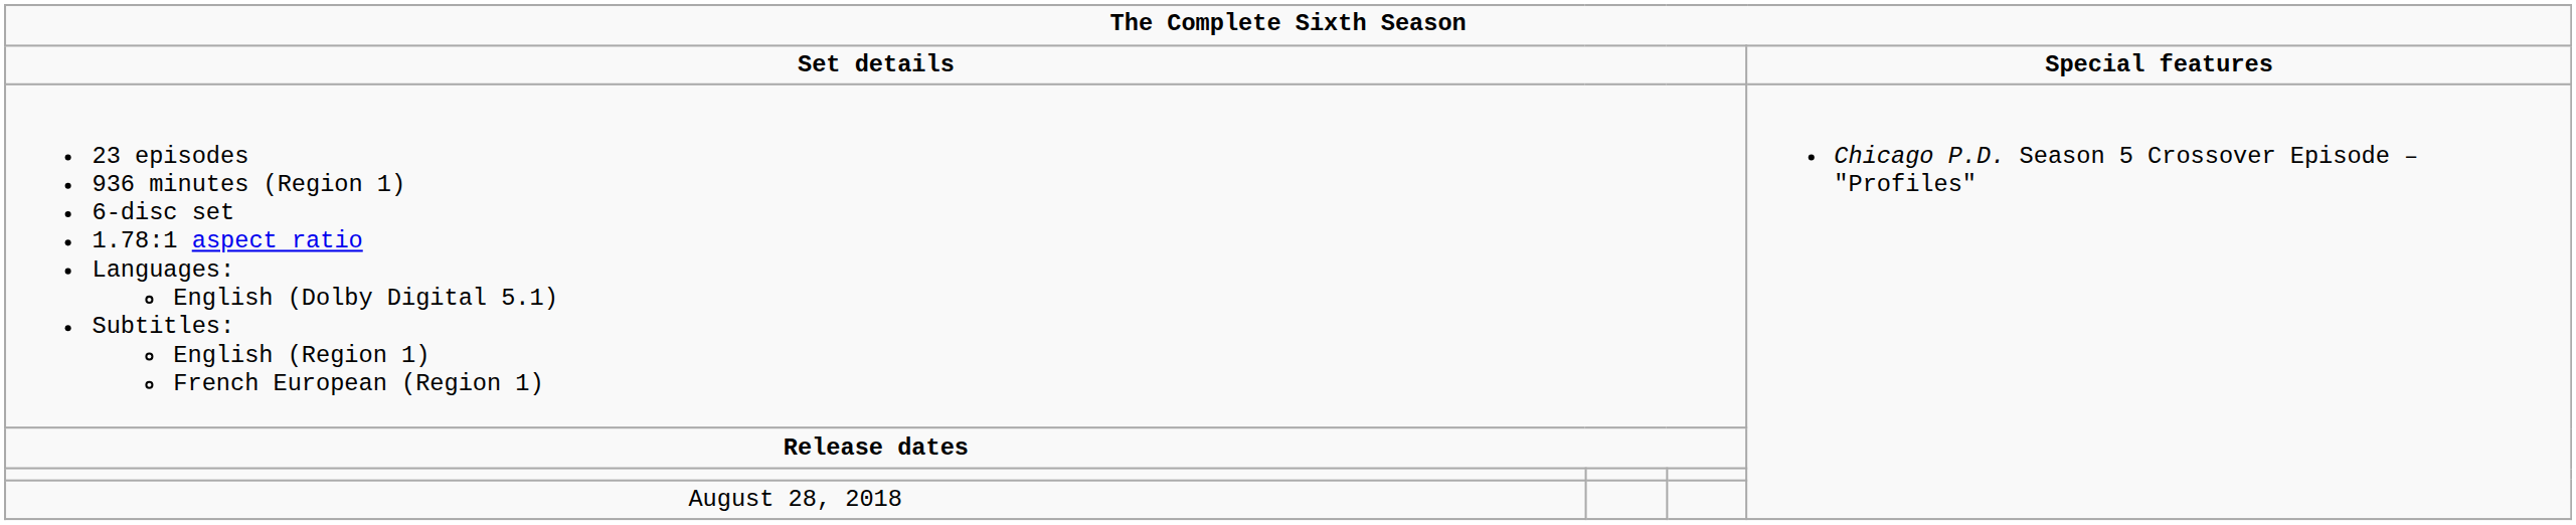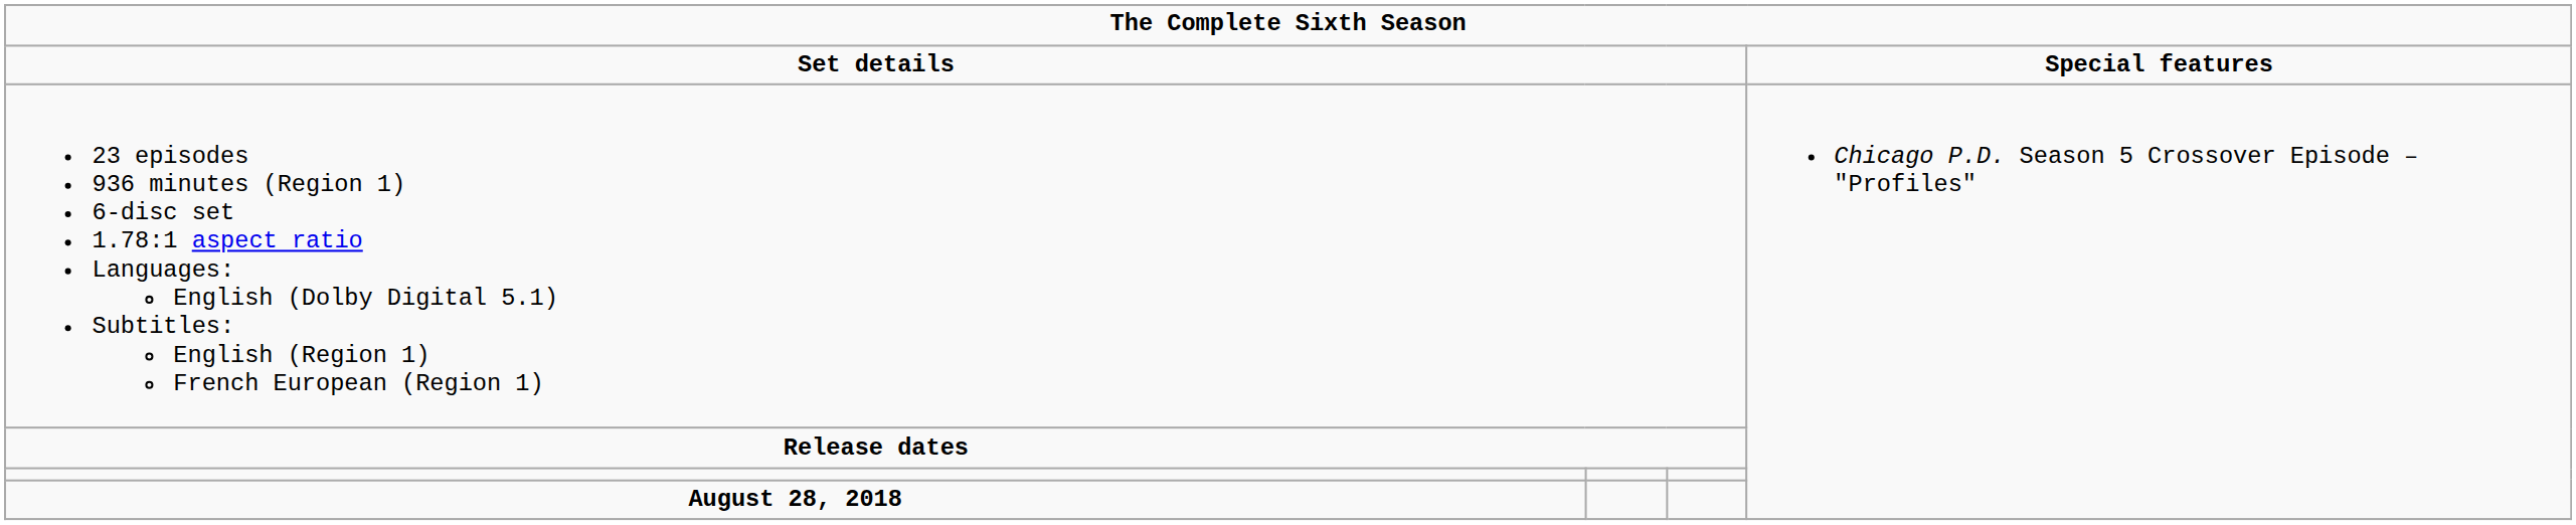 <table class="wikitable plainrowheaders" style="font-size:90%; text-align:center; width: 100%; margin-left: auto; margin-right: auto;">
 <tr>
 <td colspan="6"><strong>The Complete Sixth Season</strong></td>
 </tr>
 <tr>
 <td align="center" width="300" colspan="3"><strong>Set details</strong></td>
 <td width="400" align="center"><strong>Special features</strong></td>
 </tr>
 <tr valign="top">
 <td colspan="3" align="left" width="300"><br><ul><li>23 episodes</li><li>936 minutes (Region 1)</li><li>6-disc set</li><li>1.78:1 <a href='#'>aspect ratio</a></li><li>Languages:<ul><li>English (Dolby Digital 5.1)</li></ul></li><li>Subtitles:<ul><li>English (Region 1)</li><li>French European (Region 1)</li></ul></li></ul></td>
 <td rowspan="4" align="left" width="400"><br><ul><li><em>Chicago P.D.</em> Season 5 Crossover Episode – "Profiles"</li></ul></td>
 </tr>
 <tr>
 <td colspan="3" align="center"><strong>Release dates</strong></td>
 </tr>
 <tr>
 <td align="center"></td>
 <td align="center"></td>
 <td align="center"></td>
 </tr>
 <tr>
-<td align="center">August 28, 2018</td>
+<td align="center"><strong>August 28, 2018</strong></td>
 <td align="center"></td>
 <td align="center"></td>
 </tr>
 </table>
